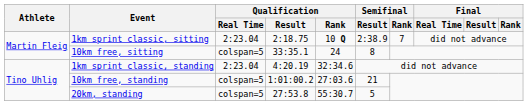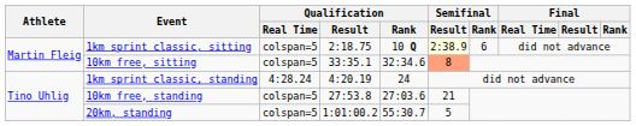 <table class="wikitable" style="font-size:100%">
 <tr>
 <th rowspan="2">Athlete</th>
 <th rowspan="2">Event</th>
 <th colspan="3">Qualification</th>
 <th colspan="2">Semifinal</th>
 <th colspan="3">Final</th>
 </tr>
 <tr>
 <th>Real Time</th>
 <th>Result</th>
 <th>Rank</th>
 <th>Result</th>
 <th>Rank</th>
 <th>Real Time</th>
 <th>Result</th>
 <th>Rank</th>
 </tr>
 <tr>
 <td rowspan=2><a href='#'>Martin Fleig</a></td>
 <td><a href='#'>1km sprint classic, sitting</a></td>
-<td align="center">2:23.04</td>
+<td>colspan=5 </td>
 <td align="center">2:18.75</td>
 <td align="center">10 <strong>Q</strong></td>
-<td align="center">2:38.9</td>
-<td align="center">7</td>
+<td align="center" style="background: lightyellow;">2:38.9</td>
+<td align="center">6</td>
 <td align="center" colspan=3>did not advance</td>
 </tr>
 <tr>
 <td><a href='#'>10km free, sitting</a></td>
 <td>colspan=5 </td>
 <td align="center">33:35.1</td>
-<td align="center">24</td>
-<td align="center">8</td>
+<td align="center">32:34.6</td>
+<td align="center" style="background: lightsalmon;">8</td>
 </tr>
 <tr>
 <td rowspan=3><a href='#'>Tino Uhlig</a></td>
 <td><a href='#'>1km sprint classic, standing</a></td>
-<td align="center">2:23.04</td>
+<td align="center">4:28.24</td>
 <td align="center">4:20.19</td>
-<td align="center">32:34.6</td>
+<td align="center">24</td>
 <td align="center" colspan=5>did not advance</td>
 </tr>
 <tr>
 <td><a href='#'>10km free, standing</a></td>
 <td>colspan=5 </td>
-<td align="center">1:01:00.2</td>
+<td align="center">27:53.8</td>
 <td align="center">27:03.6</td>
 <td align="center">21</td>
 </tr>
 <tr>
 <td><a href='#'>20km, standing</a></td>
 <td>colspan=5 </td>
-<td align="center">27:53.8</td>
+<td align="center">1:01:00.2</td>
 <td align="center">55:30.7</td>
 <td align="center">5</td>
 </tr>
 </table>
